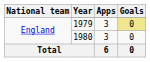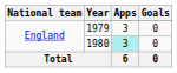 <table class="wikitable" style="text-align: center;">
 <tr>
 <th>National team</th>
 <th>Year</th>
 <th>Apps</th>
 <th>Goals</th>
 </tr>
 <tr>
 <td rowspan="3"><a href='#'>England</a></td>
 </tr>
 <tr>
 <td>1979</td>
 <td>3</td>
-<td style="background: khaki;">0</td>
+<td>0</td>
 </tr>
 <tr>
 <td>1980</td>
-<td>3</td>
+<td style="background: paleturquoise;">3</td>
 <td>0</td>
 </tr>
 <tr>
 <th colspan="2">Total</th>
 <th>6</th>
 <th>0</th>
 </tr>
 </table>
